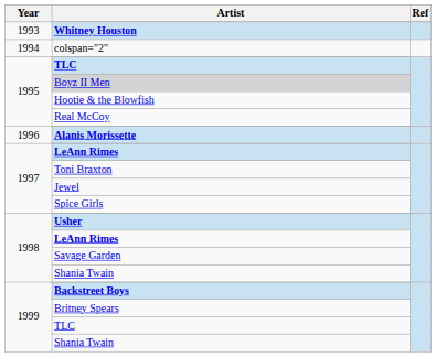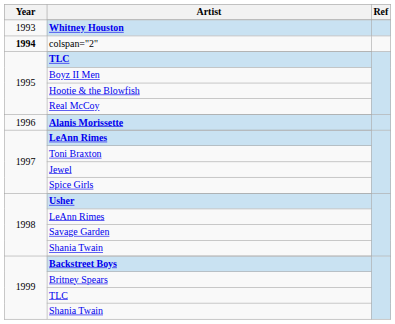 <table class="wikitable" style="width:100%;">
 <tr style="background:#bebebe;">
 <th style="width:11%;">Year</th>
 <th style="width:84%;">Artist</th>
 <th style="width:5%;">Ref</th>
 </tr>
 <tr>
 <td rowspan="2" align="center">1993</td>
 </tr>
 <tr style="background:#c9e2f2">
 <td><strong><a href='#'>Whitney Houston</a></strong></td>
 <td align="center"></td>
 </tr>
 <tr>
-<td align="center">1994</td>
+<td align="center"><strong>1994</strong></td>
 <td>colspan="2" </td>
 </tr>
 <tr>
 <td rowspan="5" align="center">1995</td>
 </tr>
 <tr style="background:#c9e2f2">
 <td><strong><a href='#'>TLC</a></strong></td>
 <td rowspan="5" align="center"></td>
 </tr>
 <tr>
-<td style="background: lightgrey;"><a href='#'>Boyz II Men</a></td>
+<td><a href='#'>Boyz II Men</a></td>
 </tr>
 <tr>
 <td><a href='#'>Hootie & the Blowfish</a></td>
 </tr>
 <tr>
 <td><a href='#'>Real McCoy</a></td>
 </tr>
 <tr>
 <td rowspan="2" align="center">1996</td>
 </tr>
 <tr style="background:#c9e2f2">
 <td><strong><a href='#'>Alanis Morissette</a></strong></td>
 <td rowspan="2" align="center"></td>
 </tr>
 <tr>
 <td rowspan="5" align="center">1997</td>
 </tr>
 <tr style="background:#c9e2f2">
 <td><strong><a href='#'>LeAnn Rimes</a></strong></td>
 <td rowspan="5" align="center"></td>
 </tr>
 <tr>
 <td><a href='#'>Toni Braxton</a></td>
 </tr>
 <tr>
 <td><a href='#'>Jewel</a></td>
 </tr>
 <tr>
 <td><a href='#'>Spice Girls</a></td>
 </tr>
 <tr>
 <td rowspan="5" align="center">1998</td>
 </tr>
 <tr style="background:#c9e2f2">
 <td><strong><a href='#'>Usher</a></strong></td>
 <td rowspan="5" align="center"></td>
 </tr>
 <tr>
-<td><strong><a href='#'>LeAnn Rimes</a></strong></td>
+<td><a href='#'>LeAnn Rimes</a></td>
 </tr>
 <tr>
 <td><a href='#'>Savage Garden</a></td>
 </tr>
 <tr>
 <td><a href='#'>Shania Twain</a></td>
 </tr>
 <tr>
 <td rowspan="5" align="center">1999</td>
 </tr>
 <tr style="background:#c9e2f2">
 <td><strong><a href='#'>Backstreet Boys</a></strong></td>
 <td rowspan="5" align="center"></td>
 </tr>
 <tr>
 <td><a href='#'>Britney Spears</a></td>
 </tr>
 <tr>
 <td><a href='#'>TLC</a></td>
 </tr>
 <tr>
 <td><a href='#'>Shania Twain</a></td>
 </tr>
 </table>
